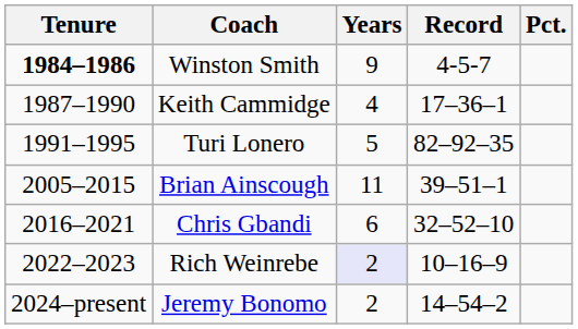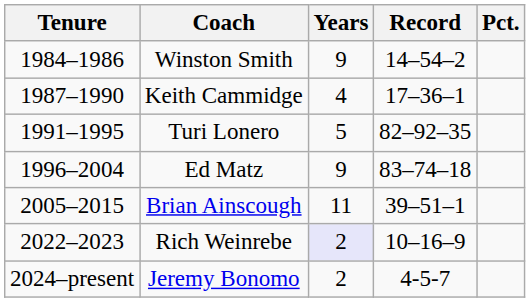 <table class="wikitable" style="text-align:center">
 <tr>
 <th>Tenure</th>
 <th>Coach</th>
 <th>Years</th>
 <th>Record</th>
 <th>Pct.</th>
 </tr>
 <tr>
-<td><strong>1984–1986</strong></td>
+<td>1984–1986</td>
 <td>Winston Smith</td>
 <td>9</td>
-<td>4-5-7</td>
+<td>14–54–2</td>
 <td></td>
 </tr>
 <tr>
 <td>1987–1990</td>
 <td>Keith Cammidge</td>
 <td>4</td>
 <td>17–36–1</td>
 <td></td>
 </tr>
 <tr>
 <td>1991–1995</td>
 <td>Turi Lonero</td>
 <td>5</td>
 <td>82–92–35</td>
 <td></td>
 </tr>
 <tr>
+<td>1996–2004</td>
+<td>Ed Matz</td>
+<td>9</td>
+<td>83–74–18</td>
+<td></td>
+</tr>
+<tr>
 <td>2005–2015</td>
 <td><a href='#'>Brian Ainscough</a></td>
 <td>11</td>
 <td>39–51–1</td>
-<td></td>
-</tr>
-<tr>
-<td>2016–2021</td>
-<td><a href='#'>Chris Gbandi</a></td>
-<td>6</td>
-<td>32–52–10</td>
 <td></td>
 </tr>
 <tr>
 <td>2022–2023</td>
 <td>Rich Weinrebe</td>
 <td style="background: lavender;">2</td>
 <td>10–16–9</td>
 <td></td>
 </tr>
 <tr>
 <td>2024–present</td>
 <td><a href='#'>Jeremy Bonomo</a></td>
 <td>2</td>
-<td>14–54–2</td>
+<td>4-5-7</td>
 <td></td>
 </tr>
 </table>
